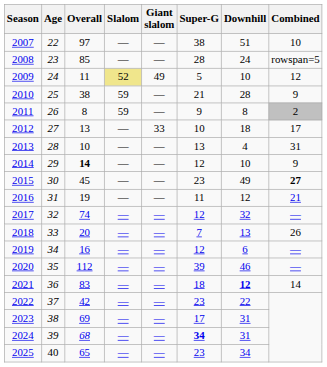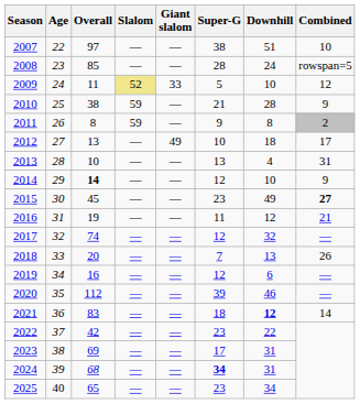 <table class="wikitable" style="text-align:center; font-size:100%;">
 <tr>
 <th>Season</th>
 <th>Age</th>
 <th>Overall</th>
 <th>Slalom</th>
 <th>Giant<br>slalom</th>
 <th>Super-G</th>
 <th>Downhill</th>
 <th>Combined</th>
 </tr>
 <tr>
 <td><a href='#'>2007</a></td>
 <td><em>22</em></td>
 <td>97</td>
 <td>—</td>
 <td>—</td>
 <td>38</td>
 <td>51</td>
 <td>10</td>
 </tr>
 <tr>
 <td><a href='#'>2008</a></td>
 <td><em>23</em></td>
 <td>85</td>
 <td>—</td>
 <td>—</td>
 <td>28</td>
 <td>24</td>
 <td>rowspan=5 </td>
 </tr>
 <tr>
 <td><a href='#'>2009</a></td>
 <td><em>24</em></td>
 <td>11</td>
 <td style="background: khaki;">52</td>
-<td>49</td>
+<td>33</td>
 <td>5</td>
 <td>10</td>
 <td>12</td>
 </tr>
 <tr>
 <td><a href='#'>2010</a></td>
 <td><em>25</em></td>
 <td>38</td>
 <td>59</td>
 <td>—</td>
 <td>21</td>
 <td>28</td>
 <td>9</td>
 </tr>
 <tr>
 <td><a href='#'>2011</a></td>
 <td><em>26</em></td>
 <td>8</td>
 <td>59</td>
 <td>—</td>
 <td>9</td>
 <td>8</td>
 <td style="background:silver;">2</td>
 </tr>
 <tr>
 <td><a href='#'>2012</a></td>
 <td><em>27</em></td>
 <td>13</td>
 <td>—</td>
-<td>33</td>
+<td>49</td>
 <td>10</td>
 <td>18</td>
 <td>17</td>
 </tr>
 <tr>
 <td><a href='#'>2013</a></td>
 <td><em>28</em></td>
 <td>10</td>
 <td>—</td>
 <td>—</td>
 <td>13</td>
 <td>4</td>
 <td>31</td>
 </tr>
 <tr>
 <td><a href='#'>2014</a></td>
 <td><em>29</em></td>
 <td><strong>14</strong></td>
 <td>—</td>
 <td>—</td>
 <td>12</td>
 <td>10</td>
 <td>9</td>
 </tr>
 <tr>
 <td><a href='#'>2015</a></td>
 <td><em>30</em></td>
 <td>45</td>
 <td>—</td>
 <td>—</td>
 <td>23</td>
 <td>49</td>
 <td><strong>27</strong></td>
 </tr>
 <tr>
 <td><a href='#'>2016</a></td>
 <td><em>31</em></td>
 <td>19</td>
 <td>—</td>
 <td>—</td>
 <td>11</td>
 <td>12</td>
 <td><a href='#'>21</a></td>
 </tr>
 <tr>
 <td><a href='#'>2017</a></td>
 <td><em>32</em></td>
 <td><a href='#'>74</a></td>
 <td><a href='#'>—</a></td>
 <td><a href='#'>—</a></td>
 <td><a href='#'>12</a></td>
 <td><a href='#'>32</a></td>
 <td><a href='#'>—</a></td>
 </tr>
 <tr>
 <td><a href='#'>2018</a></td>
 <td><em>33</em></td>
 <td><a href='#'>20</a></td>
 <td><a href='#'>—</a></td>
 <td><a href='#'>—</a></td>
 <td><a href='#'>7</a></td>
 <td><a href='#'>13</a></td>
 <td>26</td>
 </tr>
 <tr>
 <td><a href='#'>2019</a></td>
 <td><em>34</em></td>
 <td><a href='#'>16</a></td>
 <td><a href='#'>—</a></td>
 <td><a href='#'>—</a></td>
 <td><a href='#'>12</a></td>
 <td><a href='#'>6</a></td>
 <td><a href='#'>—</a></td>
 </tr>
 <tr>
 <td><a href='#'>2020</a></td>
 <td><em>35</em></td>
 <td><a href='#'>112</a></td>
 <td><a href='#'>—</a></td>
 <td><a href='#'>—</a></td>
 <td><a href='#'>39</a></td>
 <td><a href='#'>46</a></td>
 <td><a href='#'>—</a></td>
 </tr>
 <tr>
 <td><a href='#'>2021</a></td>
 <td><em>36</em></td>
 <td><a href='#'>83</a></td>
 <td><a href='#'>—</a></td>
 <td><a href='#'>—</a></td>
 <td><a href='#'>18</a></td>
 <td><strong><a href='#'>12</a></strong></td>
 <td>14</td>
 </tr>
 <tr>
 <td><a href='#'>2022</a></td>
 <td><em>37</em></td>
 <td><a href='#'>42</a></td>
 <td><a href='#'>—</a></td>
 <td><a href='#'>—</a></td>
 <td><a href='#'>23</a></td>
 <td><a href='#'>22</a></td>
 </tr>
 <tr>
 <td><a href='#'>2023</a></td>
 <td><em>38</em></td>
 <td><a href='#'>69</a></td>
 <td><a href='#'>—</a></td>
 <td><a href='#'>—</a></td>
 <td><a href='#'>17</a></td>
 <td><a href='#'>31</a></td>
 </tr>
 <tr>
 <td><a href='#'>2024</a></td>
 <td><em>39</em></td>
 <td><em><a href='#'>68</a></td>
 <td><a href='#'>—</a></td>
 <td><a href='#'>—</a></td>
 <td><strong><a href='#'>34</a></strong></td>
 <td><a href='#'>31</a></td>
 </tr>
 <tr>
 <td><a href='#'>2025</a></td>
 <td></em>40<em></td>
 <td><a href='#'></em>65<em></a></td>
 <td><a href='#'>—</a></td>
 <td><a href='#'>—</a></td>
 <td><a href='#'></em>23<em></a></td>
 <td><a href='#'></em>34<em></a></td>
 </tr>
 </table>
